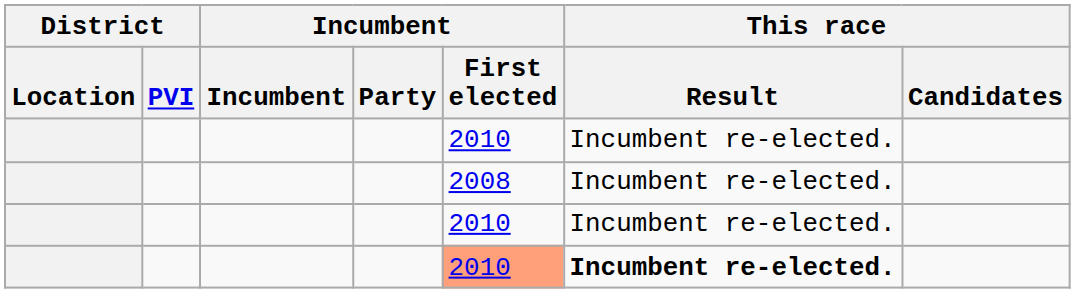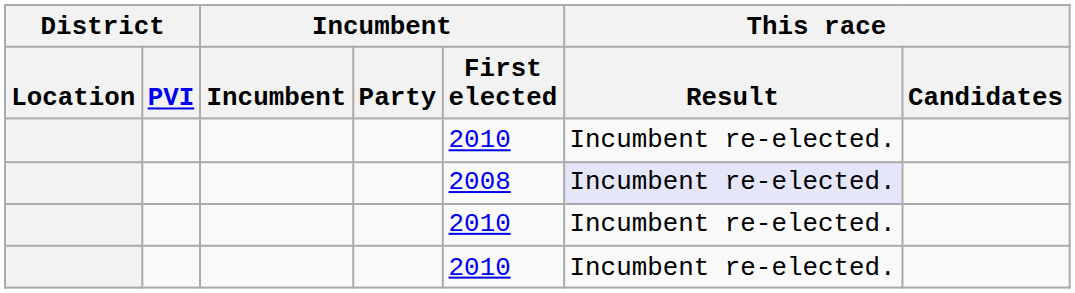 <table class="wikitable sortable">
 <tr valign=bottom>
 <th colspan=2>District</th>
 <th colspan=3>Incumbent</th>
 <th colspan=2>This race</th>
 </tr>
 <tr valign=bottom>
 <th>Location</th>
 <th><a href='#'>PVI</a></th>
 <th>Incumbent</th>
 <th>Party</th>
 <th>First<br>elected</th>
 <th>Result</th>
 <th>Candidates</th>
 </tr>
 <tr>
 <th></th>
 <td></td>
 <td></td>
 <td></td>
 <td><a href='#'>2010</a></td>
 <td>Incumbent re-elected.</td>
 <td nowrap></td>
 </tr>
 <tr>
 <th></th>
 <td></td>
 <td></td>
 <td></td>
 <td><a href='#'>2008</a></td>
-<td>Incumbent re-elected.</td>
+<td style="background: lavender;">Incumbent re-elected.</td>
 <td nowrap></td>
 </tr>
 <tr>
 <th></th>
 <td></td>
 <td></td>
 <td></td>
 <td><a href='#'>2010</a></td>
 <td>Incumbent re-elected.</td>
 <td nowrap></td>
 </tr>
 <tr>
 <th></th>
 <td></td>
 <td></td>
 <td></td>
-<td style="background: lightsalmon;"><a href='#'>2010</a></td>
-<td><strong>Incumbent re-elected.</strong></td>
+<td><a href='#'>2010</a></td>
+<td>Incumbent re-elected.</td>
 <td nowrap></td>
 </tr>
 </table>
